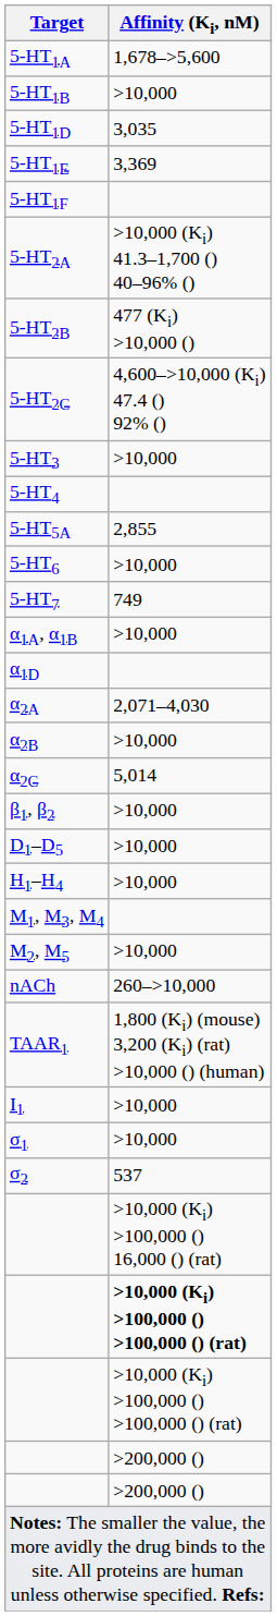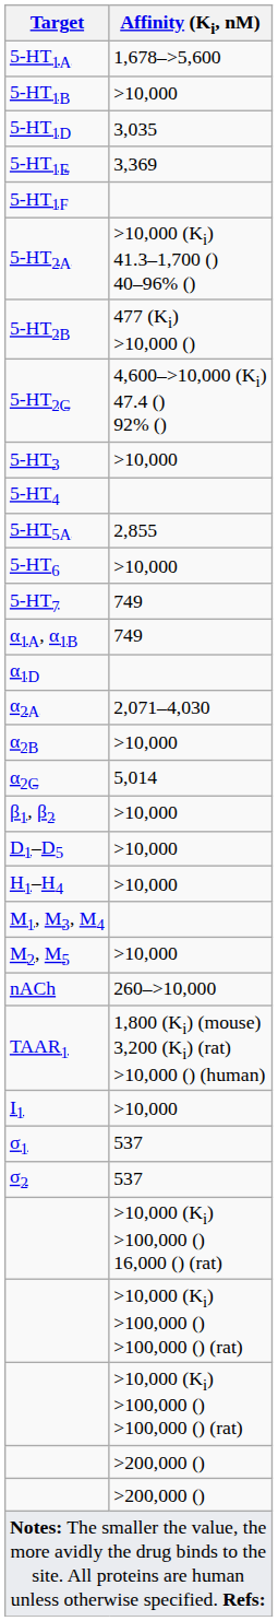 <table class="wikitable floatleft" style="font-size:small;">
 <tr>
 <th><a href='#'>Target</a></th>
 <th><a href='#'>Affinity</a> (K<sub>i</sub>, nM)</th>
 </tr>
 <tr>
 <td><a href='#'>5-HT<sub>1A</sub></a></td>
 <td>1,678–>5,600</td>
 </tr>
 <tr>
 <td><a href='#'>5-HT<sub>1B</sub></a></td>
 <td>>10,000</td>
 </tr>
 <tr>
 <td><a href='#'>5-HT<sub>1D</sub></a></td>
 <td>3,035</td>
 </tr>
 <tr>
 <td><a href='#'>5-HT<sub>1E</sub></a></td>
 <td>3,369</td>
 </tr>
 <tr>
 <td><a href='#'>5-HT<sub>1F</sub></a></td>
 <td></td>
 </tr>
 <tr>
 <td><a href='#'>5-HT<sub>2A</sub></a></td>
 <td>>10,000 (K<sub>i</sub>)<br>41.3–1,700 ()<br>40–96% ()</td>
 </tr>
 <tr>
 <td><a href='#'>5-HT<sub>2B</sub></a></td>
 <td>477 (K<sub>i</sub>)<br>>10,000 ()</td>
 </tr>
 <tr>
 <td><a href='#'>5-HT<sub>2C</sub></a></td>
 <td>4,600–>10,000 (K<sub>i</sub>)<br>47.4 ()<br>92% ()</td>
 </tr>
 <tr>
 <td><a href='#'>5-HT<sub>3</sub></a></td>
 <td>>10,000</td>
 </tr>
 <tr>
 <td><a href='#'>5-HT<sub>4</sub></a></td>
 <td></td>
 </tr>
 <tr>
 <td><a href='#'>5-HT<sub>5A</sub></a></td>
 <td>2,855</td>
 </tr>
 <tr>
 <td><a href='#'>5-HT<sub>6</sub></a></td>
 <td>>10,000</td>
 </tr>
 <tr>
 <td><a href='#'>5-HT<sub>7</sub></a></td>
 <td>749</td>
 </tr>
 <tr>
 <td><a href='#'>α<sub>1A</sub></a>, <a href='#'>α<sub>1B</sub></a></td>
-<td>>10,000</td>
+<td>749</td>
 </tr>
 <tr>
 <td><a href='#'>α<sub>1D</sub></a></td>
 <td></td>
 </tr>
 <tr>
 <td><a href='#'>α<sub>2A</sub></a></td>
 <td>2,071–4,030</td>
 </tr>
 <tr>
 <td><a href='#'>α<sub>2B</sub></a></td>
 <td>>10,000</td>
 </tr>
 <tr>
 <td><a href='#'>α<sub>2C</sub></a></td>
 <td>5,014</td>
 </tr>
 <tr>
 <td><a href='#'>β<sub>1</sub></a>, <a href='#'>β<sub>2</sub></a></td>
 <td>>10,000</td>
 </tr>
 <tr>
 <td><a href='#'>D<sub>1</sub></a>–<a href='#'>D<sub>5</sub></a></td>
 <td>>10,000</td>
 </tr>
 <tr>
 <td><a href='#'>H<sub>1</sub></a>–<a href='#'>H<sub>4</sub></a></td>
 <td>>10,000</td>
 </tr>
 <tr>
 <td><a href='#'>M<sub>1</sub></a>, <a href='#'>M<sub>3</sub></a>, <a href='#'>M<sub>4</sub></a></td>
 <td></td>
 </tr>
 <tr>
 <td><a href='#'>M<sub>2</sub></a>, <a href='#'>M<sub>5</sub></a></td>
 <td>>10,000</td>
 </tr>
 <tr>
 <td><a href='#'>nACh</a></td>
 <td>260–>10,000</td>
 </tr>
 <tr>
 <td><a href='#'>TAAR<sub>1</sub></a></td>
 <td>1,800 (K<sub>i</sub>) (mouse)<br>3,200 (K<sub>i</sub>) (rat)<br>>10,000 () (human)</td>
 </tr>
 <tr>
 <td><a href='#'>I<sub>1</sub></a></td>
 <td>>10,000</td>
 </tr>
 <tr>
 <td><a href='#'>σ<sub>1</sub></a></td>
-<td>>10,000</td>
+<td>537</td>
 </tr>
 <tr>
 <td><a href='#'>σ<sub>2</sub></a></td>
 <td>537</td>
 </tr>
 <tr>
 <td></td>
 <td>>10,000 (K<sub>i</sub>)<br>>100,000 ()<br>16,000 () (rat)</td>
 </tr>
 <tr>
 <td></td>
-<td><strong>>10,000 (K<sub>i</sub>)<br>>100,000 ()<br>>100,000 () (rat)</strong></td>
+<td>>10,000 (K<sub>i</sub>)<br>>100,000 ()<br>>100,000 () (rat)</td>
 </tr>
 <tr>
 <td></td>
 <td>>10,000 (K<sub>i</sub>)<br>>100,000 ()<br>>100,000 () (rat)</td>
 </tr>
 <tr>
 <td></td>
 <td>>200,000 ()</td>
 </tr>
 <tr>
 <td></td>
 <td>>200,000 ()</td>
 </tr>
 <tr class="sortbottom">
 <td colspan="2" style="width: 1px; background-color:#eaecf0; text-align: center;"><strong>Notes:</strong> The smaller the value, the more avidly the drug binds to the site. All proteins are human unless otherwise specified. <strong>Refs:</strong> </td>
 </tr>
 </table>
